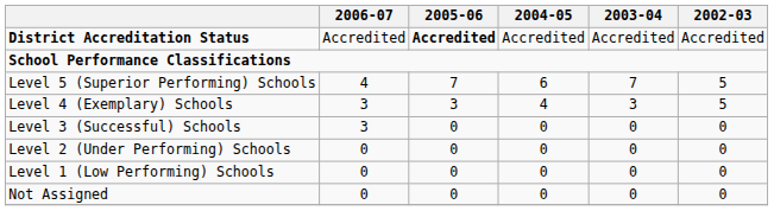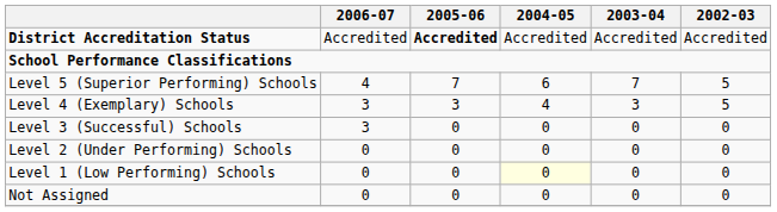 <table class="wikitable" style="font-size: 95%;">
 <tr>
 <th></th>
 <th>2006-07</th>
 <th>2005-06</th>
 <th>2004-05</th>
 <th>2003-04</th>
 <th>2002-03</th>
 </tr>
 <tr>
 <td align="left"><strong>District Accreditation Status</strong></td>
 <td align="center">Accredited</td>
 <td align="center"><strong>Accredited</strong></td>
 <td align="center">Accredited</td>
 <td align="center">Accredited</td>
 <td align="center">Accredited</td>
 </tr>
 <tr>
 <td align="left" colspan="6"><strong>School Performance Classifications</strong></td>
 </tr>
 <tr>
 <td align="left">Level 5 (Superior Performing) Schools</td>
 <td align="center">4</td>
 <td align="center">7</td>
 <td align="center">6</td>
 <td align="center">7</td>
 <td align="center">5</td>
 </tr>
 <tr>
 <td align="left">Level 4 (Exemplary) Schools</td>
 <td align="center">3</td>
 <td align="center">3</td>
 <td align="center">4</td>
 <td align="center">3</td>
 <td align="center">5</td>
 </tr>
 <tr>
 <td align="left">Level 3 (Successful) Schools</td>
 <td align="center">3</td>
 <td align="center">0</td>
 <td align="center">0</td>
 <td align="center">0</td>
 <td align="center">0</td>
 </tr>
 <tr>
 <td align="left">Level 2 (Under Performing) Schools</td>
 <td align="center">0</td>
 <td align="center">0</td>
 <td align="center">0</td>
 <td align="center">0</td>
 <td align="center">0</td>
 </tr>
 <tr>
 <td align="left">Level 1 (Low Performing) Schools</td>
 <td align="center">0</td>
 <td align="center">0</td>
-<td align="center">0</td>
+<td align="center" style="background: lightyellow;">0</td>
 <td align="center">0</td>
 <td align="center">0</td>
 </tr>
 <tr>
 <td align="left">Not Assigned</td>
 <td align="center">0</td>
 <td align="center">0</td>
 <td align="center">0</td>
 <td align="center">0</td>
 <td align="center">0</td>
 </tr>
 <tr>
 </tr>
 </table>
